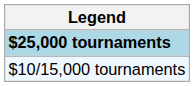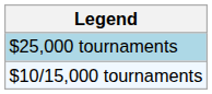 <table class="wikitable" style="font-size:85%">
 <tr>
 <th>Legend</th>
 </tr>
 <tr style="background:lightblue;">
-<td><strong>$25,000 tournaments</strong></td>
+<td>$25,000 tournaments</td>
 </tr>
 <tr style="background:#f0f8ff;">
 <td>$10/15,000 tournaments</td>
 </tr>
 </table>
